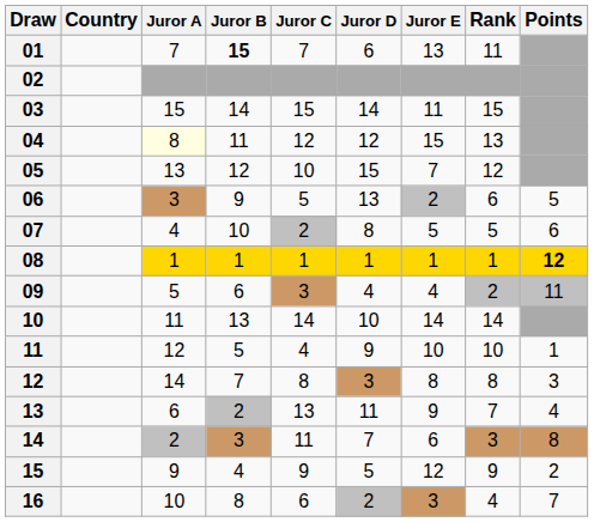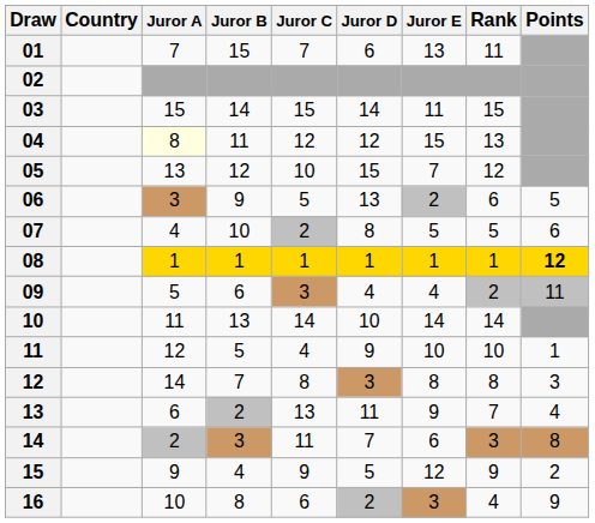 <table class="sortable wikitable collapsible plainrowheaders" style="text-align:center;">
 <tr>
 </tr>
 <tr>
 <th scope="col">Draw</th>
 <th scope="col">Country</th>
 <th scope="col"><small>Juror A</small></th>
 <th scope="col"><small>Juror B</small></th>
 <th scope="col"><small>Juror C</small></th>
 <th scope="col"><small>Juror D</small></th>
 <th scope="col"><small>Juror E</small></th>
 <th scope="col">Rank</th>
 <th scope="col">Points</th>
 </tr>
 <tr>
 <th scope="row" style="text-align:center;">01</th>
 <td style="text-align:left;"></td>
 <td>7</td>
-<td><strong>15</strong></td>
+<td>15</td>
 <td>7</td>
 <td>6</td>
 <td>13</td>
 <td>11</td>
 <td style="background:#AAAAAA;"></td>
 </tr>
 <tr class="sortbottom">
 <th scope="row" style="text-align:center;">02</th>
 <td style="text-align:left;"></td>
 <td style="background:#AAAAAA;"></td>
 <td style="background:#AAAAAA;"></td>
 <td style="background:#AAAAAA;"></td>
 <td style="background:#AAAAAA;"></td>
 <td style="background:#AAAAAA;"></td>
 <td style="background:#AAAAAA;"></td>
 <td style="background:#AAAAAA;"></td>
 </tr>
 <tr>
 <th scope="row" style="text-align:center;">03</th>
 <td style="text-align:left;"></td>
 <td>15</td>
 <td>14</td>
 <td>15</td>
 <td>14</td>
 <td>11</td>
 <td>15</td>
 <td style="background:#AAAAAA;"></td>
 </tr>
 <tr>
 <th scope="row" style="text-align:center;">04</th>
 <td style="text-align:left;"></td>
 <td style="background: lightyellow;">8</td>
 <td>11</td>
 <td>12</td>
 <td>12</td>
 <td>15</td>
 <td>13</td>
 <td style="background:#AAAAAA;"></td>
 </tr>
 <tr>
 <th scope="row" style="text-align:center;">05</th>
 <td style="text-align:left;"></td>
 <td>13</td>
 <td>12</td>
 <td>10</td>
 <td>15</td>
 <td>7</td>
 <td>12</td>
 <td style="background:#AAAAAA;"></td>
 </tr>
 <tr>
 <th scope="row" style="text-align:center;">06</th>
 <td style="text-align:left;"></td>
 <td style="background:#CC9966;">3</td>
 <td>9</td>
 <td>5</td>
 <td>13</td>
 <td style="background:silver;">2</td>
 <td>6</td>
 <td>5</td>
 </tr>
 <tr>
 <th scope="row" style="text-align:center;">07</th>
 <td style="text-align:left;"></td>
 <td>4</td>
 <td>10</td>
 <td style="background:silver;">2</td>
 <td>8</td>
 <td>5</td>
 <td>5</td>
 <td>6</td>
 </tr>
 <tr>
 <th scope="row" style="text-align:center;">08</th>
 <td style="text-align:left;"></td>
 <td style="background:gold;">1</td>
 <td style="background:gold;">1</td>
 <td style="background:gold;">1</td>
 <td style="background:gold;">1</td>
 <td style="background:gold;">1</td>
 <td style="background:gold;">1</td>
 <td style="background:gold;"><strong>12</strong></td>
 </tr>
 <tr>
 <th scope="row" style="text-align:center;">09</th>
 <td style="text-align:left;"></td>
 <td>5</td>
 <td>6</td>
 <td style="background:#CC9966;">3</td>
 <td>4</td>
 <td>4</td>
 <td style="background:silver;">2</td>
 <td style="background:silver;">11</td>
 </tr>
 <tr>
 <th scope="row" style="text-align:center;">10</th>
 <td style="text-align:left;"></td>
 <td>11</td>
 <td>13</td>
 <td>14</td>
 <td>10</td>
 <td>14</td>
 <td>14</td>
 <td style="background:#AAAAAA;"></td>
 </tr>
 <tr>
 <th scope="row" style="text-align:center;">11</th>
 <td style="text-align:left;"></td>
 <td>12</td>
 <td>5</td>
 <td>4</td>
 <td>9</td>
 <td>10</td>
 <td>10</td>
 <td>1</td>
 </tr>
 <tr>
 <th scope="row" style="text-align:center;">12</th>
 <td style="text-align:left;"></td>
 <td>14</td>
 <td>7</td>
 <td>8</td>
 <td style="background:#CC9966;">3</td>
 <td>8</td>
 <td>8</td>
 <td>3</td>
 </tr>
 <tr>
 <th scope="row" style="text-align:center;">13</th>
 <td style="text-align:left;"></td>
 <td>6</td>
 <td style="background:silver;">2</td>
 <td>13</td>
 <td>11</td>
 <td>9</td>
 <td>7</td>
 <td>4</td>
 </tr>
 <tr>
 <th scope="row" style="text-align:center;">14</th>
 <td style="text-align:left;"></td>
 <td style="background:silver;">2</td>
 <td style="background:#CC9966;">3</td>
 <td>11</td>
 <td>7</td>
 <td>6</td>
 <td style="background:#CC9966;">3</td>
 <td style="background:#CC9966;">8</td>
 </tr>
 <tr>
 <th scope="row" style="text-align:center;">15</th>
 <td style="text-align:left;"></td>
 <td>9</td>
 <td>4</td>
 <td>9</td>
 <td>5</td>
 <td>12</td>
 <td>9</td>
 <td>2</td>
 </tr>
 <tr>
 <th scope="row" style="text-align:center;">16</th>
 <td style="text-align:left;"></td>
 <td>10</td>
 <td>8</td>
 <td>6</td>
 <td style="background:silver;">2</td>
 <td style="background:#CC9966;">3</td>
 <td>4</td>
-<td>7</td>
+<td>9</td>
 </tr>
 </table>
